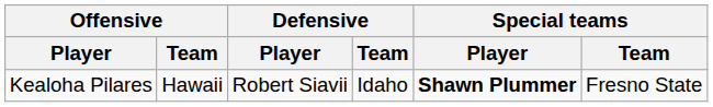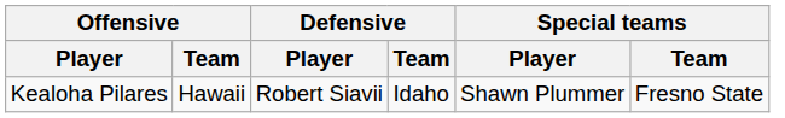 <table class="wikitable">
 <tr>
 <th colspan="2">Offensive</th>
 <th colspan="2">Defensive</th>
 <th colspan="2">Special teams</th>
 </tr>
 <tr>
 <th>Player</th>
 <th>Team</th>
 <th>Player</th>
 <th>Team</th>
 <th>Player</th>
 <th>Team</th>
 </tr>
 <tr>
 <td>Kealoha Pilares</td>
 <td>Hawaii</td>
 <td>Robert Siavii</td>
 <td>Idaho</td>
-<td><strong>Shawn Plummer</strong></td>
+<td>Shawn Plummer</td>
 <td>Fresno State</td>
 </tr>
 </table>
